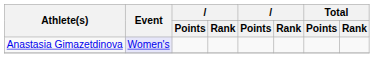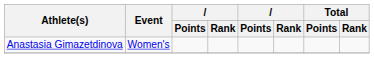 <table class="wikitable">
 <tr>
 <th rowspan="2">Athlete(s)</th>
 <th rowspan="2">Event</th>
 <th colspan="2">/</th>
 <th colspan="2">/</th>
 <th colspan="2">Total</th>
 </tr>
 <tr>
 <th>Points</th>
 <th>Rank</th>
 <th>Points</th>
 <th>Rank</th>
 <th>Points</th>
 <th>Rank</th>
 </tr>
 <tr>
 <td><a href='#'>Anastasia Gimazetdinova</a></td>
-<td style="background: lavender;"><a href='#'>Women's</a></td>
+<td><a href='#'>Women's</a></td>
 <td></td>
 <td></td>
 <td></td>
 <td></td>
 <td></td>
 <td></td>
 </tr>
 <tr>
 </tr>
 </table>
